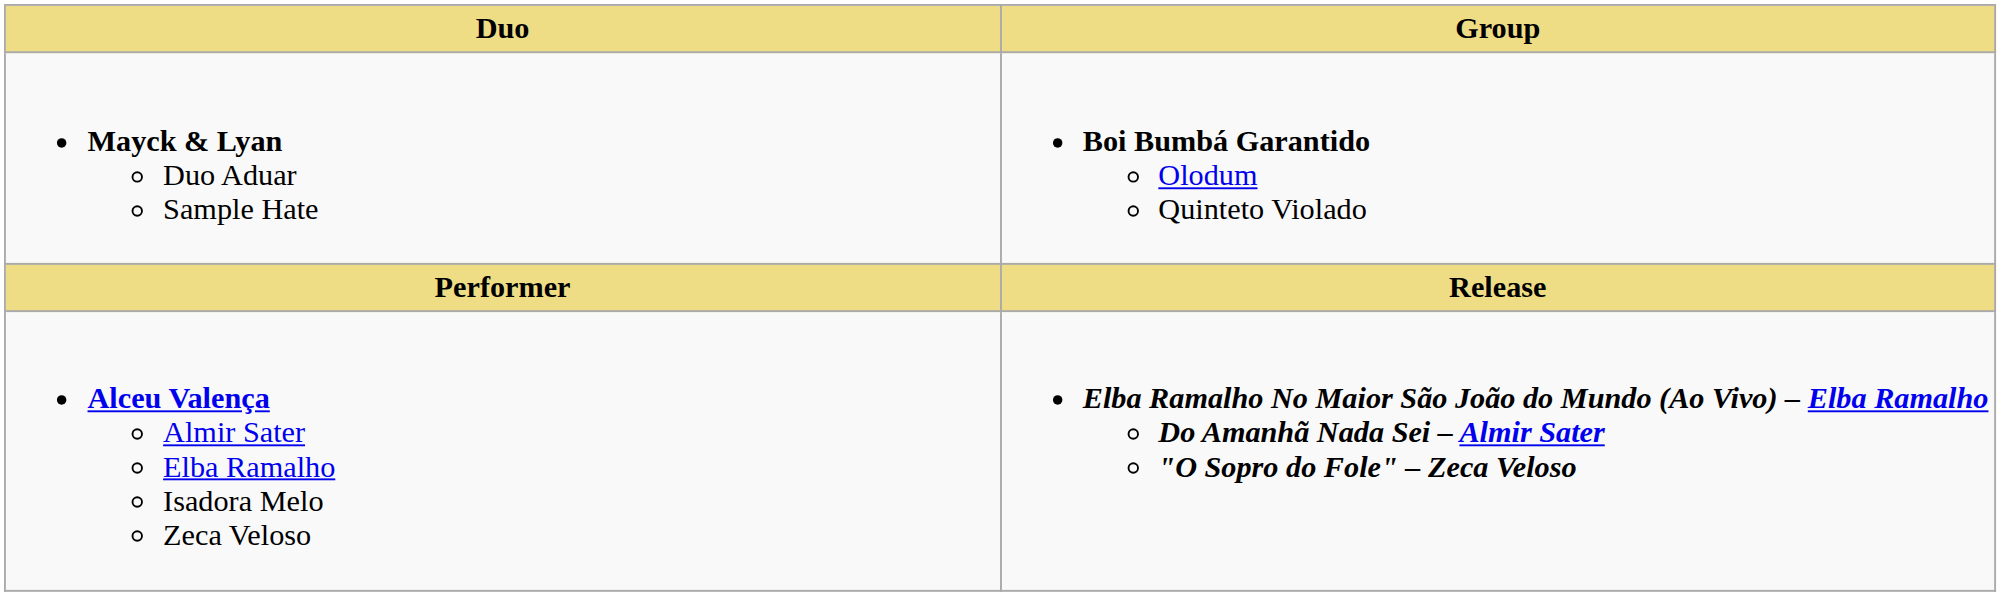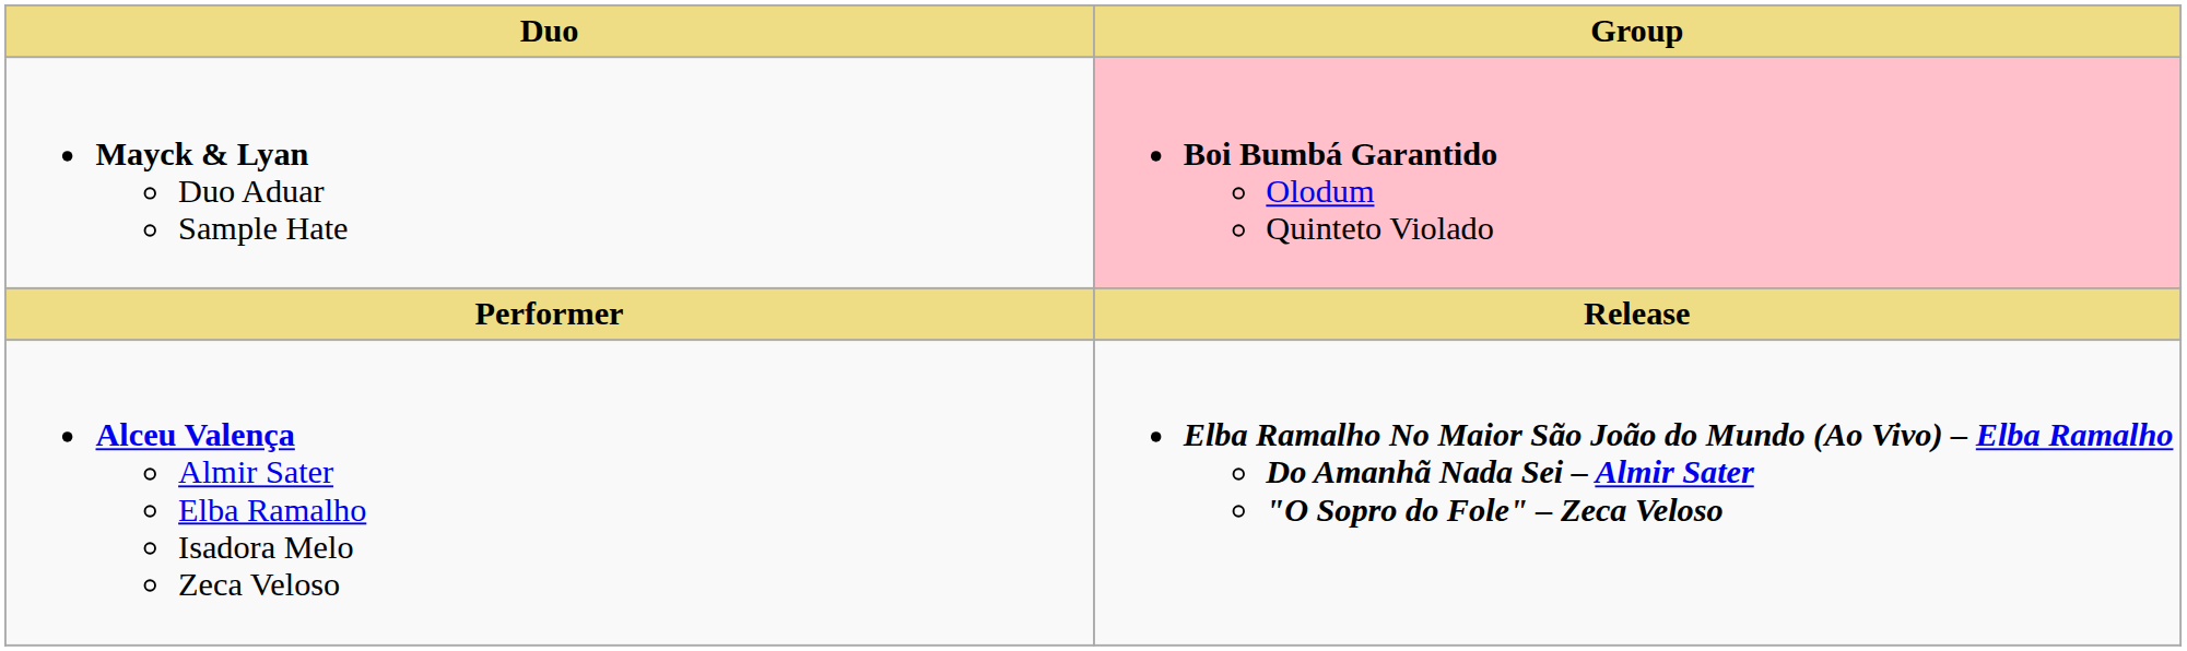 <table class="wikitable" style="width=">
 <tr>
 <th style="background:#EEDD85; width:50%">Duo</th>
 <th style="background:#EEDD85; width:50%">Group</th>
 </tr>
 <tr>
 <td style="vertical-align:top"><br><ul><li><strong>Mayck & Lyan</strong><ul><li>Duo Aduar</li><li>Sample Hate</li></ul></li></ul></td>
-<td style="vertical-align:top"><br><ul><li><strong>Boi Bumbá Garantido</strong><ul><li><a href='#'>Olodum</a></li><li>Quinteto Violado</li></ul></li></ul></td>
+<td style="background: pink; vertical-align:top"><br><ul><li><strong>Boi Bumbá Garantido</strong><ul><li><a href='#'>Olodum</a></li><li>Quinteto Violado</li></ul></li></ul></td>
 </tr>
 <tr>
 <th style="background:#EEDD85; width:50%">Performer</th>
 <th style="background:#EEDD85; width:50%">Release</th>
 </tr>
 <tr>
 <td style="vertical-align:top"><br><ul><li><strong><a href='#'>Alceu Valença</a></strong><ul><li><a href='#'>Almir Sater</a></li><li><a href='#'>Elba Ramalho</a></li><li>Isadora Melo</li><li>Zeca Veloso</li></ul></li></ul></td>
 <td style="vertical-align:top"><br><ul><li><strong><em>Elba Ramalho No Maior São João do Mundo (Ao Vivo)<em> – <a href='#'>Elba Ramalho</a><strong><ul><li></em>Do Amanhã Nada Sei<em> – <a href='#'>Almir Sater</a></li><li>"O Sopro do Fole" – Zeca Veloso</li></ul></li></ul></td>
 </tr>
 </table>
